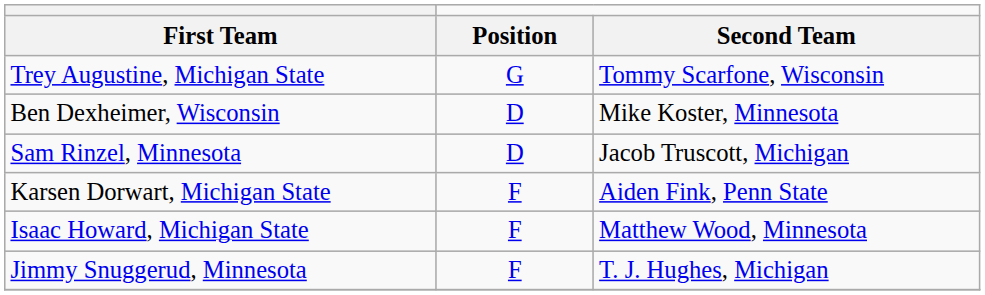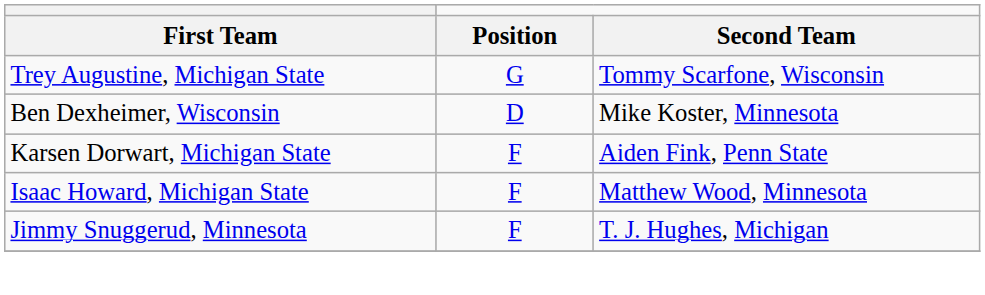 <table class="wikitable" width=40%>
 <tr>
 <th><a href='#'></a></th>
 </tr>
 <tr>
 <th>First Team</th>
 <th>  Position  </th>
 <th>Second Team</th>
 </tr>
 <tr>
 <td><a href='#'>Trey Augustine</a>, <a href='#'>Michigan State</a></td>
 <td align=center><a href='#'>G</a></td>
 <td><a href='#'>Tommy Scarfone</a>, <a href='#'>Wisconsin</a></td>
 </tr>
 <tr>
 <td>Ben Dexheimer, <a href='#'>Wisconsin</a></td>
 <td align=center><a href='#'>D</a></td>
 <td>Mike Koster, <a href='#'>Minnesota</a></td>
 </tr>
 <tr>
-<td><a href='#'>Sam Rinzel</a>, <a href='#'>Minnesota</a></td>
-<td align=center><a href='#'>D</a></td>
-<td>Jacob Truscott, <a href='#'>Michigan</a></td>
-</tr>
-<tr>
 <td>Karsen Dorwart, <a href='#'>Michigan State</a></td>
 <td align=center><a href='#'>F</a></td>
 <td><a href='#'>Aiden Fink</a>, <a href='#'>Penn State</a></td>
 </tr>
 <tr>
 <td><a href='#'>Isaac Howard</a>, <a href='#'>Michigan State</a></td>
 <td align=center><a href='#'>F</a></td>
 <td><a href='#'>Matthew Wood</a>, <a href='#'>Minnesota</a></td>
 </tr>
 <tr>
 <td><a href='#'>Jimmy Snuggerud</a>, <a href='#'>Minnesota</a></td>
 <td align=center><a href='#'>F</a></td>
 <td><a href='#'>T. J. Hughes</a>, <a href='#'>Michigan</a></td>
 </tr>
 <tr>
 </tr>
 </table>
